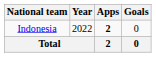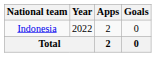 <table class=wikitable style=text-align:center>
 <tr>
 <th>National team</th>
 <th>Year</th>
 <th>Apps</th>
 <th>Goals</th>
 </tr>
 <tr>
 <td rowspan="1"><a href='#'>Indonesia</a></td>
 <td>2022</td>
-<td><strong>2</strong></td>
+<td>2</td>
 <td>0</td>
 </tr>
 <tr>
 <th colspan=2>Total</th>
 <th>2</th>
 <th>0</th>
 </tr>
 </table>
